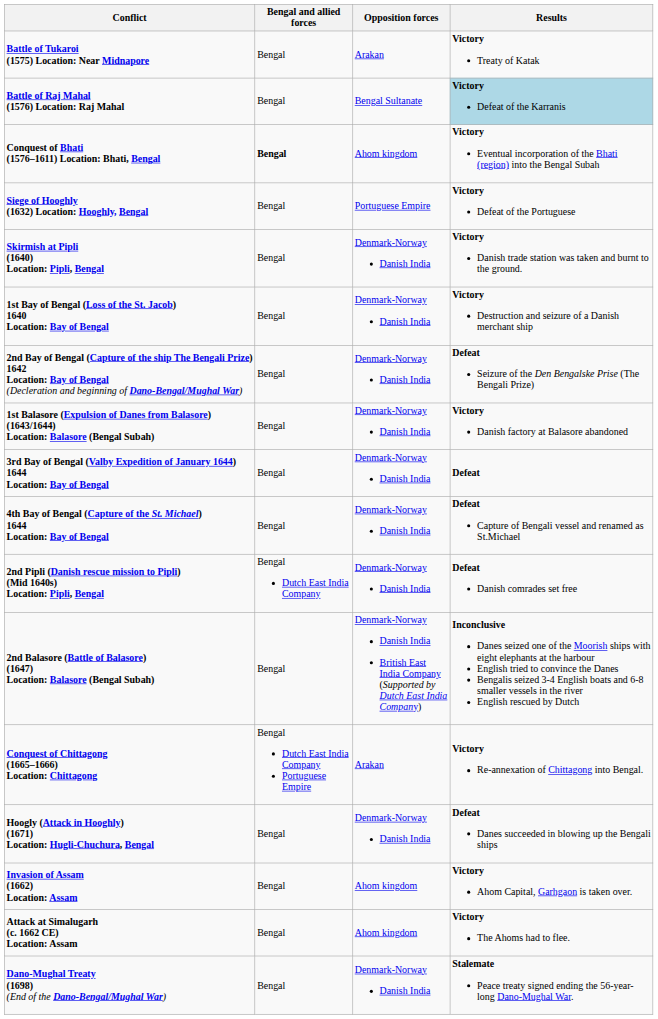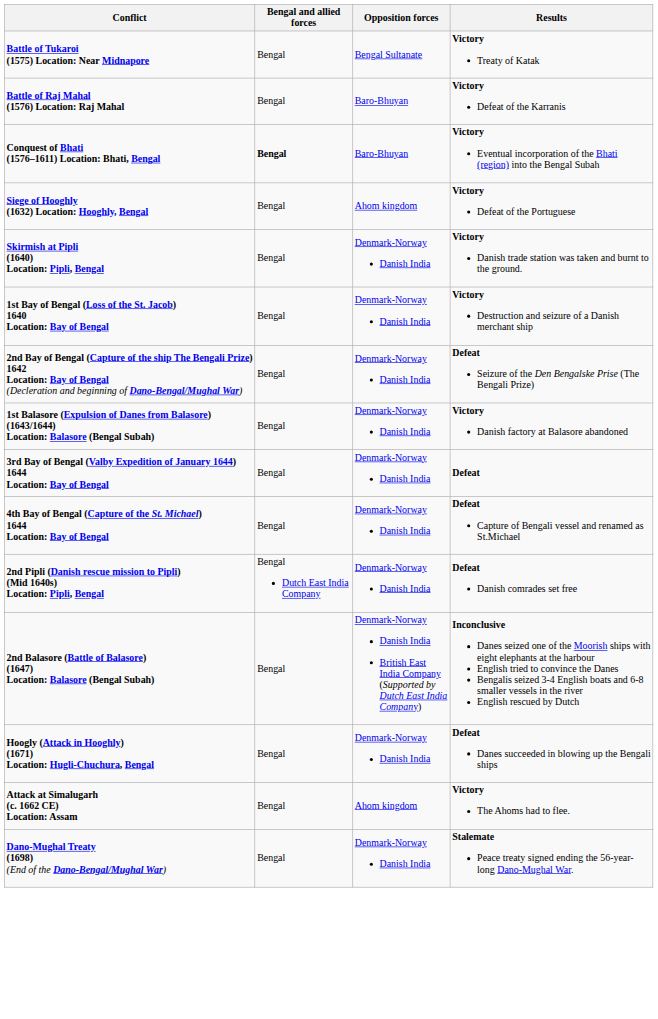 <table class="wikitable">
 <tr>
 <th rowspan="1">Conflict</th>
 <th rowspan="1" width="150px">Bengal and allied forces</th>
 <th rowspan="1" width="150px">Opposition forces</th>
 <th rowspan="1" width="320px">Results</th>
 </tr>
 <tr>
 <td><strong><a href='#'>Battle of Tukaroi</a></strong><br><strong>(1575)</strong> <strong>Location: Near <a href='#'>Midnapore</a></strong></td>
 <td> Bengal</td>
-<td><a href='#'>Arakan</a></td>
+<td><a href='#'>Bengal Sultanate</a></td>
 <td><strong>Victory</strong><br><ul><li>Treaty of Katak</li></ul></td>
 </tr>
 <tr>
 <td><strong><a href='#'>Battle of Raj Mahal</a></strong><br><strong>(1576)</strong> <strong>Location: Raj Mahal</strong></td>
 <td> Bengal</td>
-<td><a href='#'>Bengal Sultanate</a></td>
-<td style="background: lightblue;"><strong>Victory</strong><br><ul><li>Defeat of the Karranis</li></ul></td>
+<td><a href='#'>Baro-Bhuyan</a></td>
+<td><strong>Victory</strong><br><ul><li>Defeat of the Karranis</li></ul></td>
 </tr>
 <tr>
 <td><strong>Conquest of <a href='#'>Bhati</a></strong><br><strong>(1576–1611)</strong> <strong>Location: Bhati, <a href='#'>Bengal</a></strong></td>
 <td><strong> Bengal</strong></td>
-<td> <a href='#'>Ahom kingdom</a></td>
+<td><a href='#'>Baro-Bhuyan</a></td>
 <td><strong>Victory</strong><br><ul><li>Eventual incorporation of the <a href='#'>Bhati (region)</a>  into the Bengal Subah</li></ul></td>
 </tr>
 <tr>
 <td><strong><a href='#'>Siege of Hooghly</a></strong><br><strong>(1632)</strong> <strong>Location: <a href='#'>Hooghly,</a> <a href='#'>Bengal</a></strong></td>
 <td> Bengal</td>
-<td> <a href='#'>Portuguese Empire</a></td>
+<td> <a href='#'>Ahom kingdom</a></td>
 <td><strong>Victory</strong><br><ul><li>Defeat of the Portuguese</li></ul></td>
 </tr>
 <tr>
 <td><strong><a href='#'>Skirmish at Pipli</a></strong><br><strong>(1640)</strong><br><strong>Location: <a href='#'>Pipli</a>, <a href='#'>Bengal</a></strong></td>
 <td> Bengal</td>
 <td><a href='#'>Denmark-Norway</a><br><ul><li><a href='#'>Danish India</a></li></ul></td>
 <td><strong>Victory</strong><br><ul><li>Danish trade station was taken and burnt to the ground.</li></ul></td>
 </tr>
 <tr>
 <td><strong>1st Bay of Bengal (<a href='#'>Loss of the St. Jacob</a>)</strong><br><strong>1640</strong><br><strong>Location: <a href='#'>Bay of Bengal</a></strong></td>
 <td> Bengal</td>
 <td><a href='#'>Denmark-Norway</a><br><ul><li><a href='#'>Danish India</a></li></ul></td>
 <td><strong>Victory</strong><br><ul><li>Destruction and seizure of a Danish merchant ship</li></ul></td>
 </tr>
 <tr>
 <td><strong>2nd Bay of Bengal (<a href='#'>Capture of the ship The Bengali Prize</a>)</strong><br><strong>1642</strong><br><strong>Location: <a href='#'>Bay of Bengal</a></strong><br><em>(Decleration and beginning of <a href='#'><strong>Dano-Bengal/Mughal War</strong></a>)</em></td>
 <td> Bengal</td>
 <td><a href='#'>Denmark-Norway</a><br><ul><li><a href='#'>Danish India</a></li></ul></td>
 <td><strong>Defeat</strong><br><ul><li>Seizure of the <em>Den Bengalske Prise</em> (The Bengali Prize)</li></ul></td>
 </tr>
 <tr>
 <td><strong>1st Balasore (<a href='#'>Expulsion of Danes from Balasore</a>)</strong><br><strong>(1643/1644)</strong><br><strong>Location: <a href='#'>Balasore</a> (Bengal Subah)</strong></td>
 <td> Bengal</td>
 <td><a href='#'>Denmark-Norway</a><br><ul><li><a href='#'>Danish India</a></li></ul></td>
 <td><strong>Victory</strong><br><ul><li>Danish factory at Balasore abandoned</li></ul></td>
 </tr>
 <tr>
 <td><strong>3rd Bay of Bengal (<a href='#'>Valby Expedition of January 1644</a>)</strong><br><strong>1644</strong><br><strong>Location: <a href='#'>Bay of Bengal</a></strong></td>
 <td> Bengal</td>
 <td><a href='#'>Denmark-Norway</a><br><ul><li><a href='#'>Danish India</a></li></ul></td>
 <td><strong>Defeat</strong></td>
 </tr>
 <tr>
 <td><strong>4th Bay of Bengal (<a href='#'>Capture of the <em>St. Michael</em></a>)</strong><br><strong>1644</strong><br><strong>Location: <a href='#'>Bay of Bengal</a></strong></td>
 <td> Bengal</td>
 <td><a href='#'>Denmark-Norway</a><br><ul><li><a href='#'>Danish India</a></li></ul></td>
 <td><strong>Defeat</strong><br><ul><li>Capture of Bengali vessel and renamed as St.Michael</li></ul></td>
 </tr>
 <tr>
 <td><strong>2nd Pipli (<a href='#'>Danish rescue mission to Pipli</a>)</strong><br><strong>(Mid 1640s)</strong><br><strong>Location: <a href='#'>Pipli</a>, <a href='#'>Bengal</a></strong></td>
 <td> Bengal<br><ul><li> <a href='#'>Dutch East India Company</a></li></ul></td>
 <td><a href='#'>Denmark-Norway</a><br><ul><li><a href='#'>Danish India</a></li></ul></td>
 <td><strong>Defeat</strong><br><ul><li>Danish comrades set free</li></ul></td>
 </tr>
 <tr>
 <td><strong>2nd Balasore (<a href='#'>Battle of Balasore</a>)</strong><br><strong>(1647)</strong><br><strong>Location: <a href='#'>Balasore</a> (Bengal Subah)</strong></td>
 <td> Bengal</td>
 <td><a href='#'>Denmark-Norway</a><br><ul><li><a href='#'>Danish India</a></li></ul><ul><li> <a href='#'>British East India Company</a> (<em>Supported by  <a href='#'>Dutch East India Compan</a></em><a href='#'>y</a>)</li></ul></td>
 <td><strong>Inconclusive</strong><br><ul><li>Danes seized one of the <a href='#'>Moorish</a> ships with eight elephants at the harbour</li><li>English tried to convince the Danes</li><li>Bengalis seized 3-4 English boats and 6-8 smaller vessels in the river</li><li>English rescued by Dutch</li></ul></td>
 </tr>
 <tr>
-<td><strong><a href='#'>Conquest of Chittagong</a></strong><br><strong>(1665–1666)</strong><br><strong>Location: <a href='#'>Chittagong</a></strong></td>
-<td> Bengal<br><ul><li> <a href='#'>Dutch East India Company</a></li><li> <a href='#'>Portuguese Empire</a></li></ul></td>
-<td><a href='#'>Arakan</a></td>
-<td><strong>Victory</strong><br><ul><li>Re-annexation of <a href='#'>Chittagong</a> into Bengal.</li></ul></td>
-</tr>
-<tr>
 <td><strong>Hoogly (<a href='#'>Attack in Hooghly</a>)</strong><br><strong>(1671)</strong><br><strong>Location: <a href='#'>Hugli-Chuchura</a>, <a href='#'>Bengal</a></strong></td>
 <td> Bengal</td>
 <td><a href='#'>Denmark-Norway</a><br><ul><li><a href='#'>Danish India</a></li></ul></td>
 <td><strong>Defeat</strong><br><ul><li>Danes succeeded in blowing up the Bengali ships</li></ul></td>
-</tr>
-<tr>
-<td><a href='#'><strong>Invasion of Assam</strong></a><br><strong>(1662)</strong><br><strong>Location: <a href='#'>Assam</a></strong></td>
-<td> Bengal</td>
-<td> <a href='#'>Ahom kingdom</a></td>
-<td><strong>Victory</strong><br><ul><li>Ahom Capital, <a href='#'>Garhgaon</a> is taken over.</li></ul></td>
 </tr>
 <tr>
 <td><strong>Attack at Simalugarh</strong><br><strong>(c. 1662 CE)</strong><br><strong>Location: Assam</strong></td>
 <td> Bengal</td>
 <td> <a href='#'>Ahom kingdom</a></td>
 <td><strong>Victory</strong><br><ul><li>The Ahoms had to flee.</li></ul></td>
 </tr>
 <tr>
 <td><strong><a href='#'>Dano-Mughal Treaty</a></strong><br><strong>(1698)</strong><br><em>(End of the <a href='#'><strong>Dano-Bengal/Mughal War</strong></a>)</em></td>
 <td> Bengal</td>
 <td><a href='#'>Denmark-Norway</a><br><ul><li><a href='#'>Danish India</a></li></ul></td>
 <td><strong>Stalemate</strong><br><ul><li>Peace treaty signed ending the 56-year-long <a href='#'>Dano-Mughal War</a>.</li></ul></td>
 </tr>
 </table>
